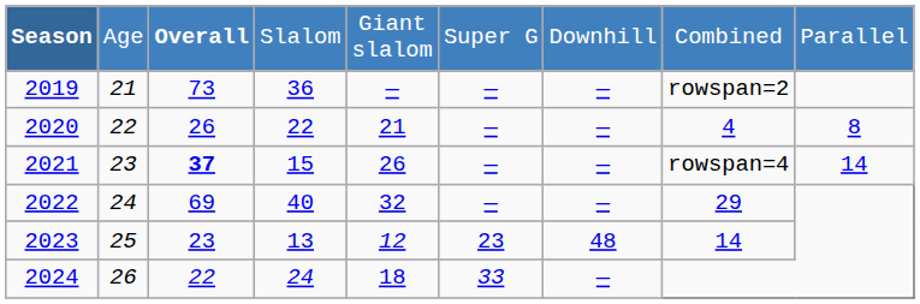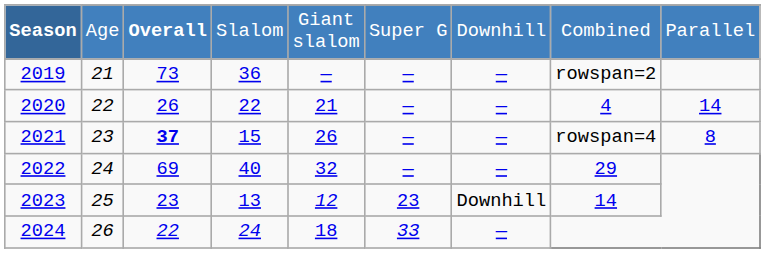 <table class="wikitable" style="font-size:90%; text-align:center; border:grey solid 1px; border-collapse:collapse;" width="35%">
 <tr style="background-color:#369; color:white;">
 <td rowspan="2" colspan="1" width="3%"><strong>Season</strong></td>
 </tr>
 <tr style="background-color:#4180be; color:white;">
 <td width="3%">Age</td>
 <td width="4%"><strong>Overall</strong></td>
 <td width="4%">Slalom</td>
 <td width="4%">Giant<br>slalom</td>
 <td width="4%">Super G</td>
 <td width="4%">Downhill</td>
 <td width="4%">Combined</td>
 <td width="4%">Parallel</td>
 </tr>
 <tr style="background-color:#8CB2D8; color:white;">
 </tr>
 <tr>
 <td><a href='#'>2019</a></td>
 <td><em>21</em></td>
 <td><a href='#'>73</a></td>
 <td><a href='#'>36</a></td>
 <td><a href='#'>—</a></td>
 <td><a href='#'>—</a></td>
 <td><a href='#'>—</a></td>
 <td>rowspan=2</td>
 <td></td>
 </tr>
 <tr>
 <td><a href='#'>2020</a></td>
 <td><em>22</em></td>
 <td><a href='#'>26</a></td>
 <td><a href='#'>22</a></td>
 <td><a href='#'>21</a></td>
 <td><a href='#'>—</a></td>
 <td><a href='#'>—</a></td>
 <td><a href='#'>4</a></td>
-<td><a href='#'>8</a></td>
+<td><a href='#'>14</a></td>
 </tr>
 <tr>
 <td><a href='#'>2021</a></td>
 <td><em>23</em></td>
 <td><strong><a href='#'>37</a></strong></td>
 <td><a href='#'>15</a></td>
 <td><a href='#'>26</a></td>
 <td><a href='#'>—</a></td>
 <td><a href='#'>—</a></td>
 <td>rowspan=4 </td>
-<td><a href='#'>14</a></td>
+<td><a href='#'>8</a></td>
 </tr>
 <tr>
 <td><a href='#'>2022</a></td>
 <td><em>24</em></td>
 <td><a href='#'>69</a></td>
 <td><a href='#'>40</a></td>
 <td><a href='#'>32</a></td>
 <td><a href='#'>—</a></td>
 <td><a href='#'>—</a></td>
 <td><a href='#'>29</a></td>
 </tr>
 <tr>
 <td><a href='#'>2023</a></td>
 <td><em>25</em></td>
 <td><a href='#'>23</a></td>
 <td><a href='#'>13</a></td>
 <td><a href='#'><em>12</em></a></td>
 <td><a href='#'>23</a></td>
-<td><a href='#'>48</a></td>
+<td width="4%">Downhill</td>
 <td><a href='#'>14</a></td>
 </tr>
 <tr>
 <td><a href='#'>2024</a></td>
 <td><em>26</em></td>
 <td><a href='#'><em>22</em></a></td>
 <td><a href='#'><em>24</em></a></td>
 <td><a href='#'>18</a></td>
 <td><a href='#'><em>33</em></a></td>
 <td><a href='#'>—</a></td>
 </tr>
 </table>
